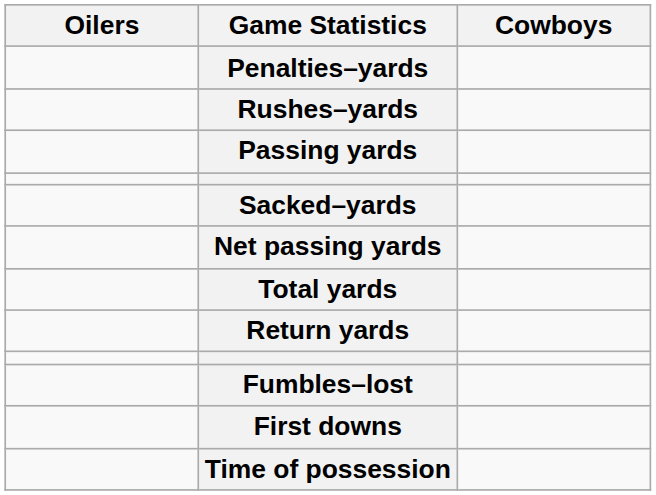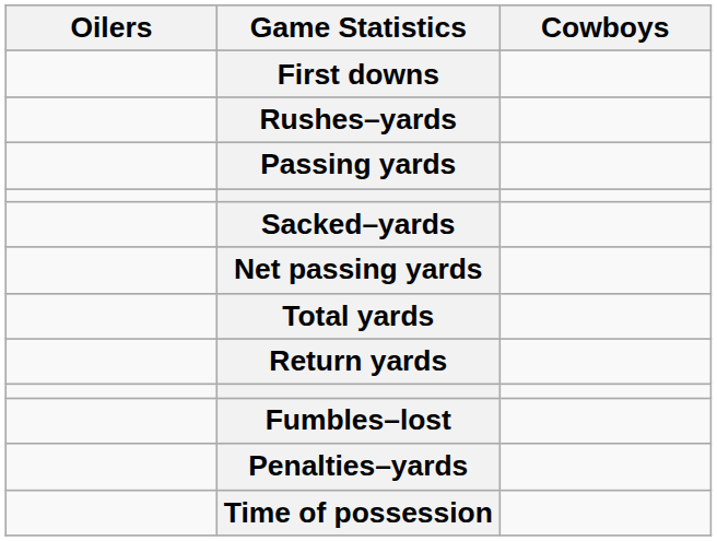 <table class="wikitable" style="margin: 1em auto 1em auto">
 <tr>
 <th style="width:30%;">Oilers</th>
 <th style="width:40%;">Game Statistics</th>
 <th style="width:30%;">Cowboys</th>
 </tr>
 <tr>
 <td style="text-align:right;"></td>
-<th>Penalties–yards</th>
+<th>First downs</th>
 <td></td>
 </tr>
 <tr>
 <td style="text-align:right;"></td>
 <th>Rushes–yards</th>
 <td></td>
 </tr>
 <tr>
 <td style="text-align:right;"></td>
 <th>Passing yards</th>
 <td></td>
 </tr>
 <tr>
 <td style="text-align:right;"></td>
 <th></th>
 <td></td>
 </tr>
 <tr>
 <td style="text-align:right;"></td>
 <th>Sacked–yards</th>
 <td></td>
 </tr>
 <tr>
 <td style="text-align:right;"></td>
 <th>Net passing yards</th>
 <td></td>
 </tr>
 <tr>
 <td style="text-align:right;"></td>
 <th>Total yards</th>
 <td></td>
 </tr>
 <tr>
 <td style="text-align:right;"></td>
 <th>Return yards</th>
 <td></td>
 </tr>
 <tr>
 <td style="text-align:right;"></td>
 <th></th>
 <td></td>
 </tr>
 <tr>
 <td style="text-align:right;"></td>
 <th>Fumbles–lost</th>
 <td></td>
 </tr>
 <tr>
 <td style="text-align:right;"></td>
-<th>First downs</th>
+<th>Penalties–yards</th>
 <td></td>
 </tr>
 <tr>
 <td style="text-align:right;"></td>
 <th>Time of possession</th>
 <td></td>
 </tr>
 </table>
